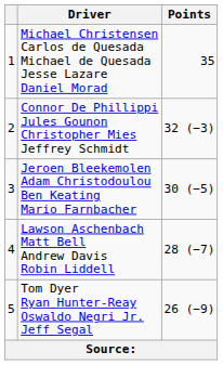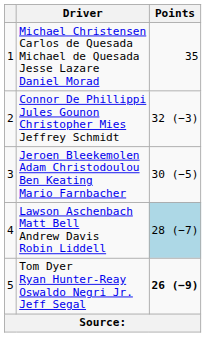 <table class="wikitable" style="font-size: 95%;">
 <tr>
 <th scope="col"></th>
 <th scope="col">Driver</th>
 <th scope="col">Points</th>
 </tr>
 <tr>
 <td align=center>1</td>
 <td> <a href='#'>Michael Christensen</a><br> Carlos de Quesada<br> Michael de Quesada<br> Jesse Lazare<br> <a href='#'>Daniel Morad</a></td>
 <td align=right>35</td>
 </tr>
 <tr>
 <td align=center>2</td>
 <td> <a href='#'>Connor De Phillippi</a><br> <a href='#'>Jules Gounon</a><br> <a href='#'>Christopher Mies</a><br> Jeffrey Schmidt</td>
 <td align=right>32 (−3)</td>
 </tr>
 <tr>
 <td align=center>3</td>
 <td> <a href='#'>Jeroen Bleekemolen</a><br> <a href='#'>Adam Christodoulou</a><br> <a href='#'>Ben Keating</a><br> <a href='#'>Mario Farnbacher</a></td>
 <td align=right>30 (−5)</td>
 </tr>
 <tr>
 <td align=center>4</td>
 <td> <a href='#'>Lawson Aschenbach</a><br> <a href='#'>Matt Bell</a><br> Andrew Davis<br> <a href='#'>Robin Liddell</a></td>
-<td align=right>28 (−7)</td>
+<td align=right style="background: lightblue;">28 (−7)</td>
 </tr>
 <tr>
 <td align=center>5</td>
 <td> Tom Dyer<br> <a href='#'>Ryan Hunter-Reay</a><br> <a href='#'>Oswaldo Negri Jr.</a><br> <a href='#'>Jeff Segal</a></td>
-<td align=right>26 (−9)</td>
+<td align=right><strong>26 (−9)</strong></td>
 </tr>
 <tr>
 <th colspan=4>Source:</th>
 </tr>
 </table>
